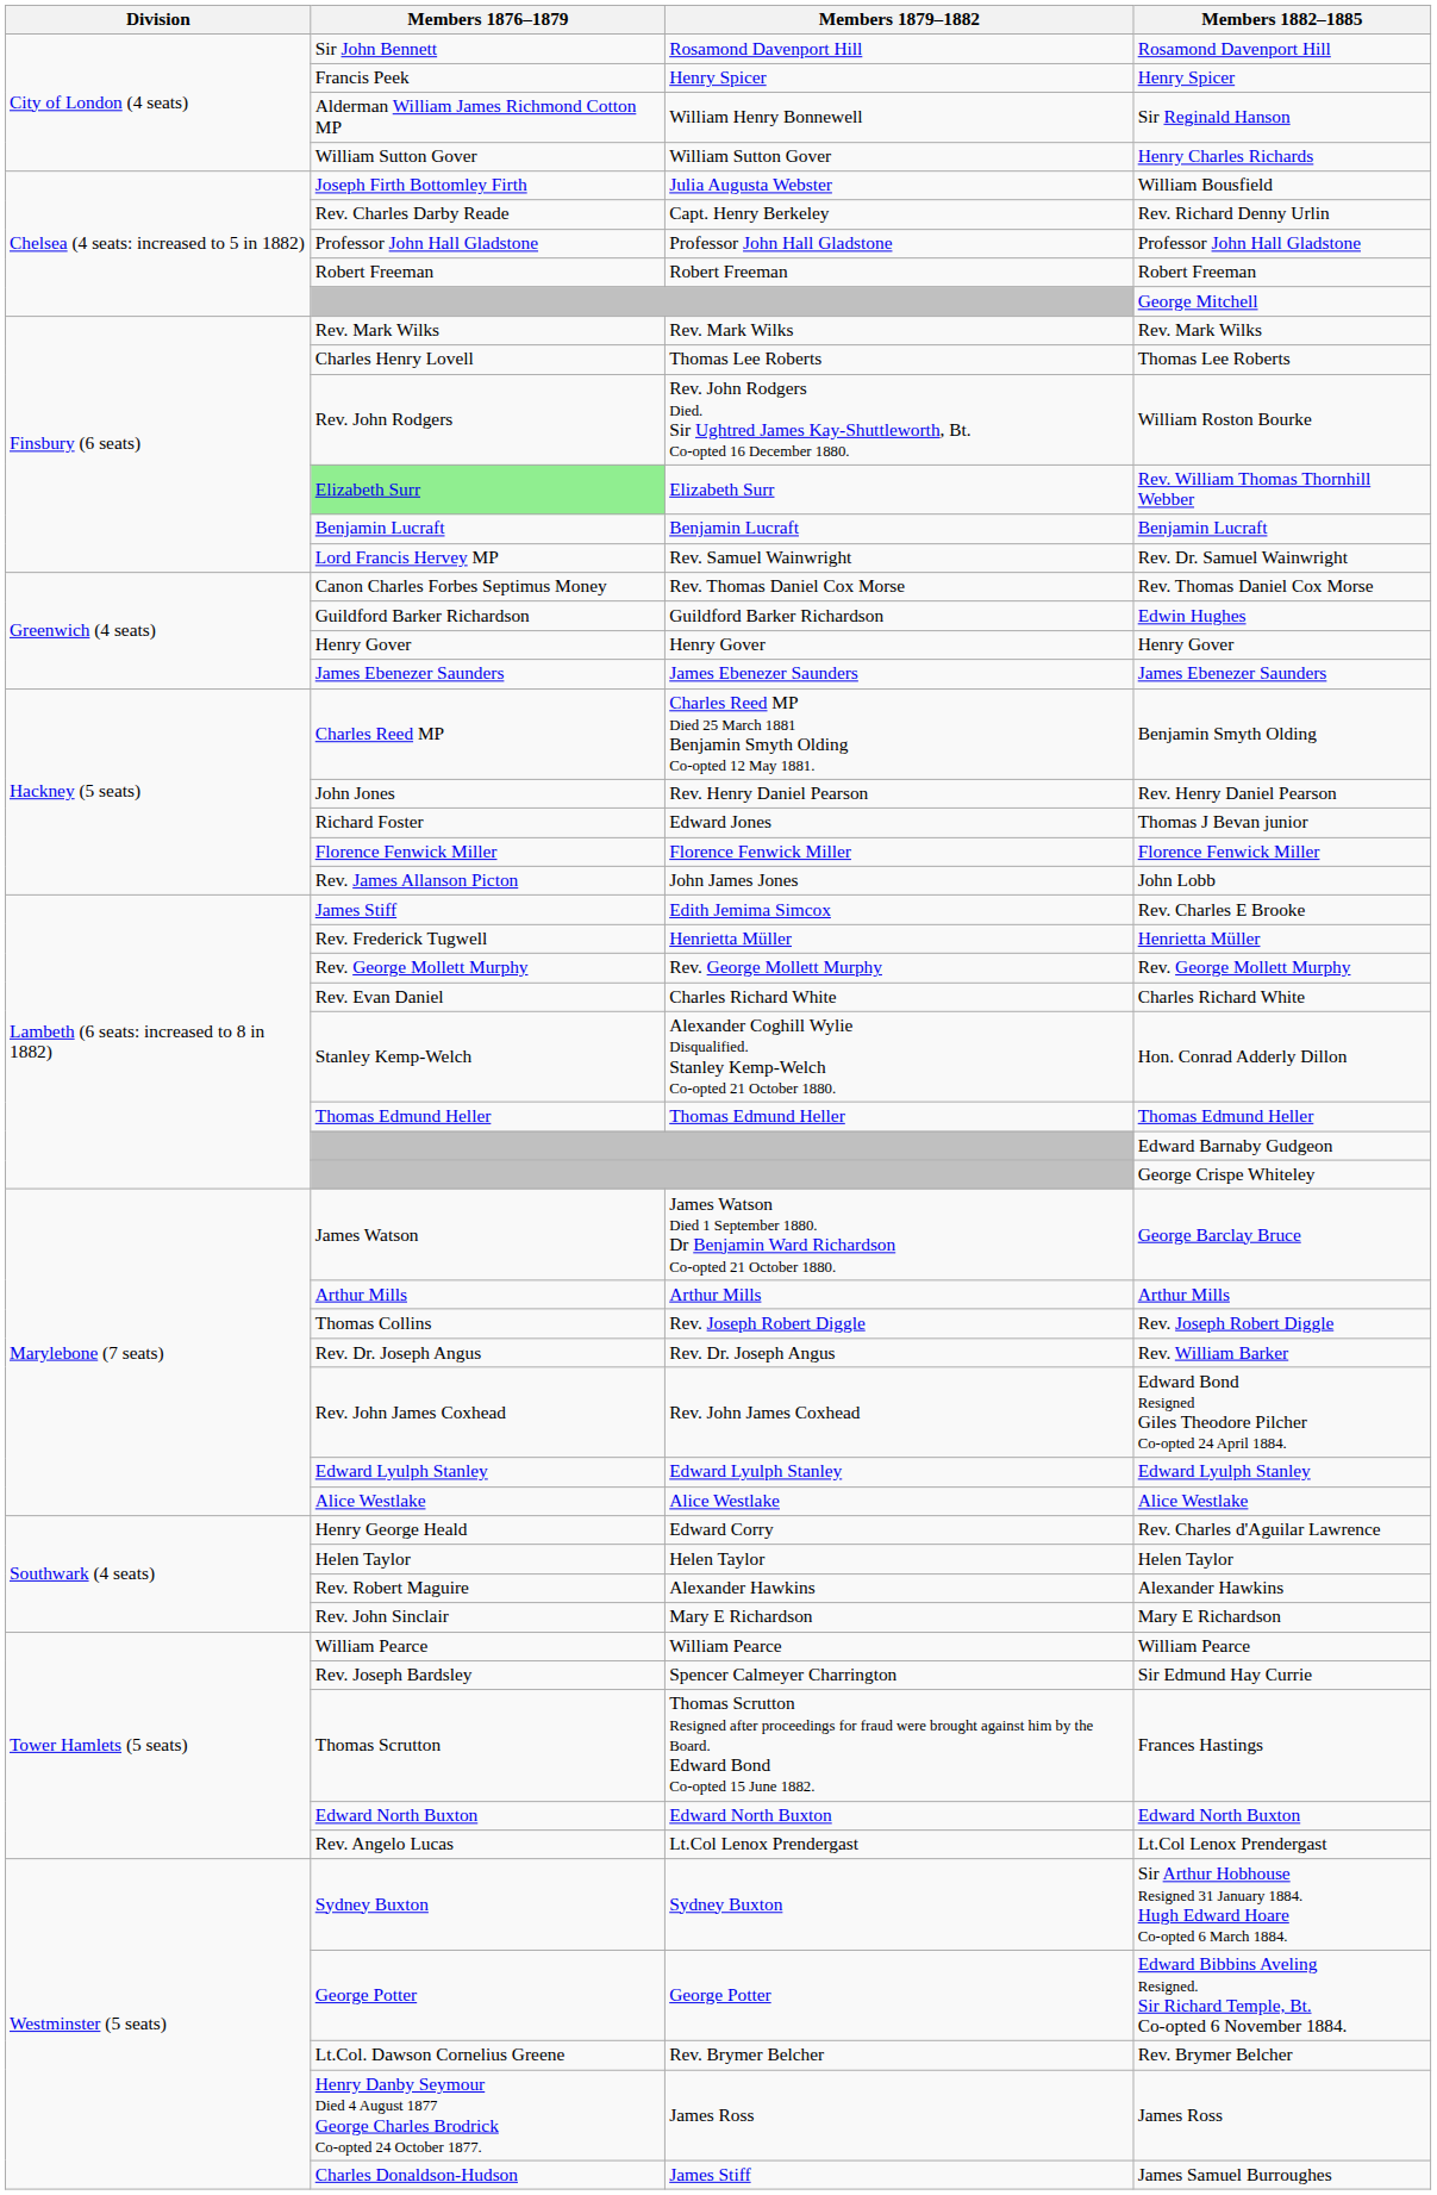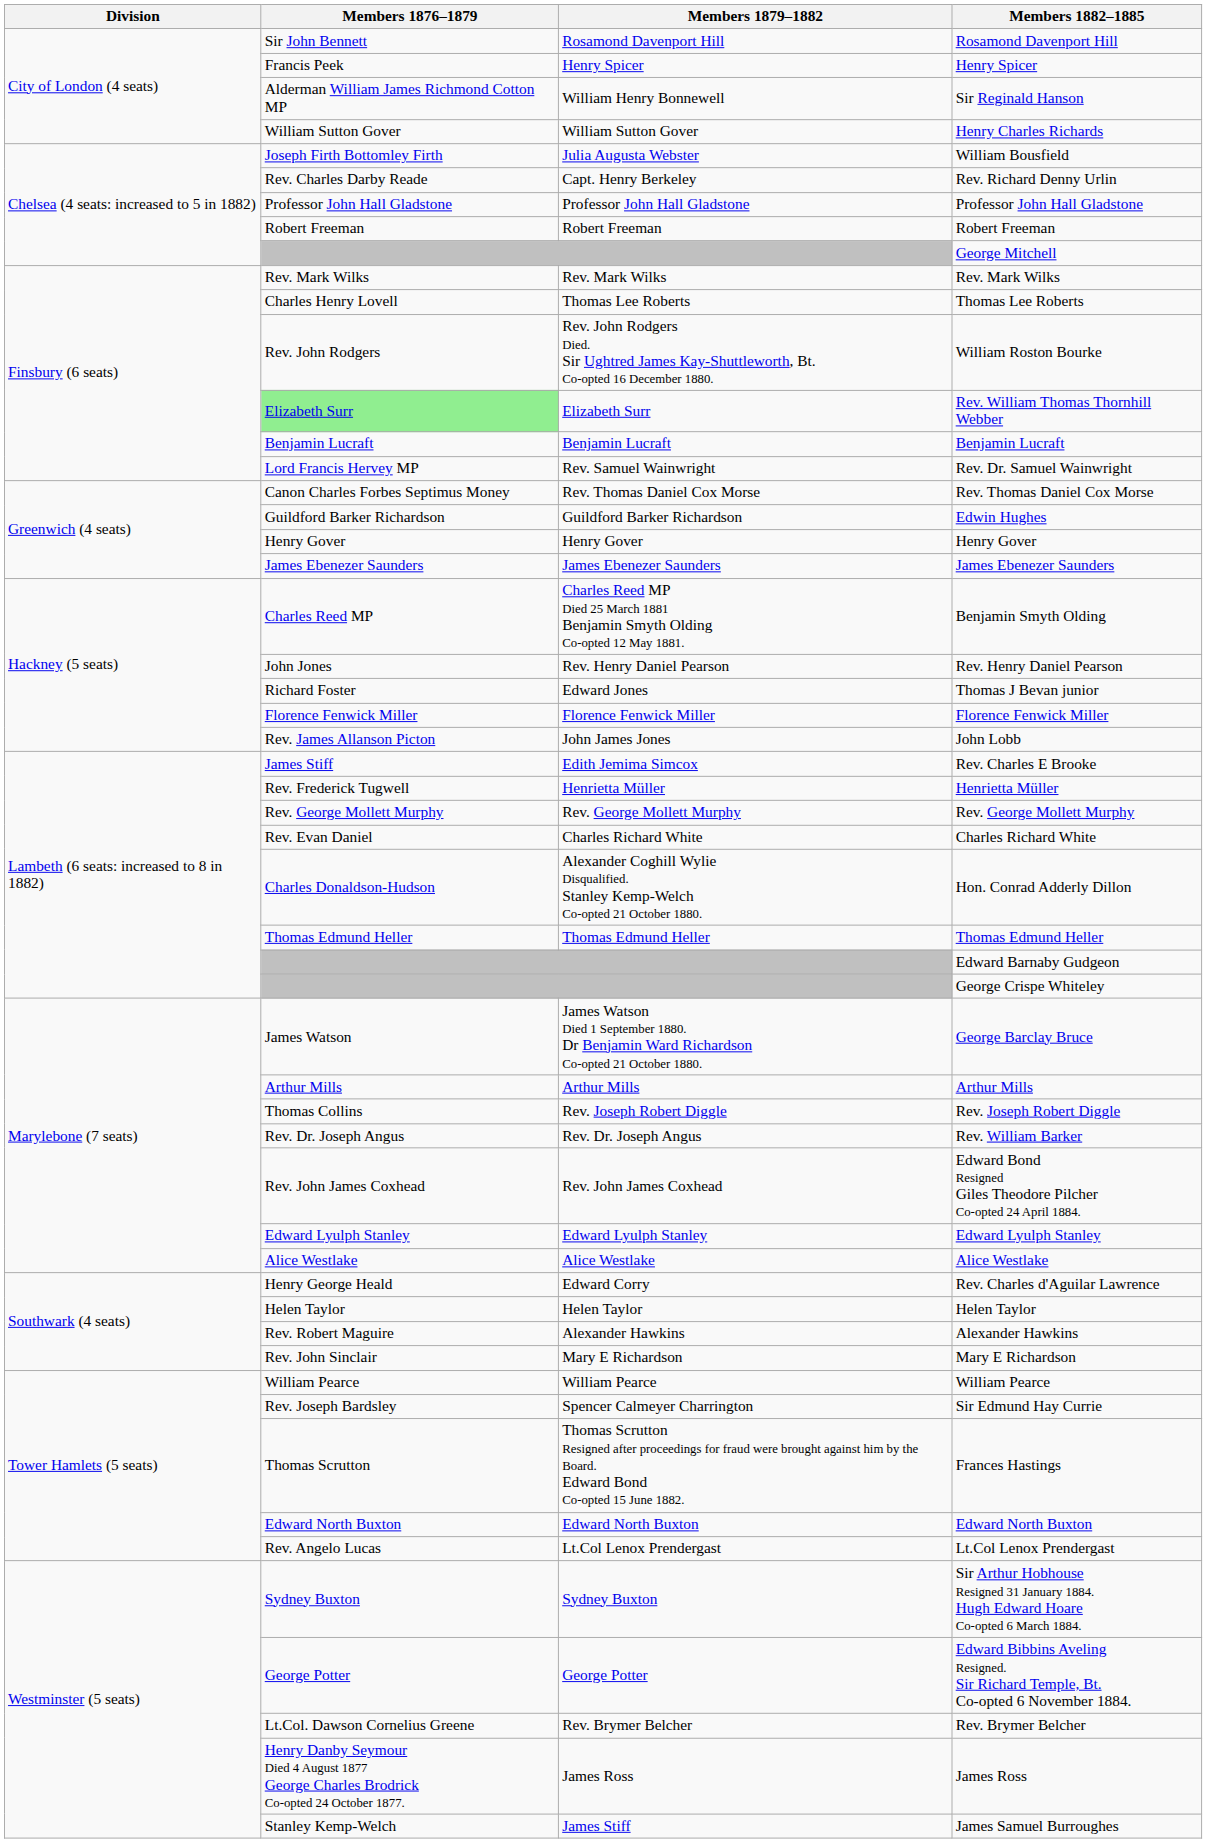 <table class="wikitable">
 <tr>
 <th>Division</th>
 <th>Members 1876–1879</th>
 <th>Members 1879–1882</th>
 <th>Members 1882–1885</th>
 </tr>
 <tr>
 <td rowspan="4"><a href='#'>City of London</a> (4 seats)</td>
 <td>Sir <a href='#'>John Bennett</a></td>
 <td><a href='#'>Rosamond Davenport Hill</a></td>
 <td><a href='#'>Rosamond Davenport Hill</a></td>
 </tr>
 <tr>
 <td>Francis Peek</td>
 <td><a href='#'>Henry Spicer</a></td>
 <td><a href='#'>Henry Spicer</a></td>
 </tr>
 <tr>
 <td>Alderman <a href='#'>William James Richmond Cotton</a> MP</td>
 <td>William Henry Bonnewell</td>
 <td>Sir <a href='#'>Reginald Hanson</a></td>
 </tr>
 <tr>
 <td>William Sutton Gover</td>
 <td>William Sutton Gover</td>
 <td><a href='#'>Henry Charles Richards</a></td>
 </tr>
 <tr>
 <td rowspan="5"><a href='#'>Chelsea</a> (4 seats: increased to 5 in 1882)</td>
 <td><a href='#'>Joseph Firth Bottomley Firth</a></td>
 <td><a href='#'>Julia Augusta Webster</a></td>
 <td>William Bousfield</td>
 </tr>
 <tr>
 <td>Rev. Charles Darby Reade</td>
 <td>Capt. Henry Berkeley</td>
 <td>Rev. Richard Denny Urlin</td>
 </tr>
 <tr>
 <td>Professor <a href='#'>John Hall Gladstone</a></td>
 <td>Professor <a href='#'>John Hall Gladstone</a></td>
 <td>Professor <a href='#'>John Hall Gladstone</a></td>
 </tr>
 <tr>
 <td>Robert Freeman</td>
 <td>Robert Freeman</td>
 <td>Robert Freeman</td>
 </tr>
 <tr>
 <td colspan=2 bgcolor=silver></td>
 <td><a href='#'>George Mitchell</a></td>
 </tr>
 <tr>
 <td rowspan="6"><a href='#'>Finsbury</a> (6 seats)</td>
 <td>Rev. Mark Wilks</td>
 <td>Rev. Mark Wilks</td>
 <td>Rev. Mark Wilks</td>
 </tr>
 <tr>
 <td>Charles Henry Lovell</td>
 <td>Thomas Lee Roberts</td>
 <td>Thomas Lee Roberts</td>
 </tr>
 <tr>
 <td>Rev. John Rodgers</td>
 <td>Rev. John Rodgers<small><br>Died.</small><br>Sir <a href='#'>Ughtred James Kay-Shuttleworth</a>, Bt.<small><br>Co-opted 16 December 1880.</small></td>
 <td>William Roston Bourke</td>
 </tr>
 <tr>
 <td style="background: lightgreen;"><a href='#'>Elizabeth Surr</a></td>
 <td><a href='#'>Elizabeth Surr</a></td>
 <td><a href='#'>Rev. William Thomas Thornhill Webber</a></td>
 </tr>
 <tr>
 <td><a href='#'>Benjamin Lucraft</a></td>
 <td><a href='#'>Benjamin Lucraft</a></td>
 <td><a href='#'>Benjamin Lucraft</a></td>
 </tr>
 <tr>
 <td><a href='#'>Lord Francis Hervey</a> MP</td>
 <td>Rev. Samuel Wainwright</td>
 <td>Rev. Dr. Samuel Wainwright</td>
 </tr>
 <tr>
 <td rowspan="4"><a href='#'>Greenwich</a> (4 seats)</td>
 <td>Canon Charles Forbes Septimus Money</td>
 <td>Rev. Thomas Daniel Cox Morse</td>
 <td>Rev. Thomas Daniel Cox Morse</td>
 </tr>
 <tr>
 <td>Guildford Barker Richardson</td>
 <td>Guildford Barker Richardson</td>
 <td><a href='#'>Edwin Hughes</a></td>
 </tr>
 <tr>
 <td>Henry Gover</td>
 <td>Henry Gover</td>
 <td>Henry Gover</td>
 </tr>
 <tr>
 <td><a href='#'>James Ebenezer Saunders</a></td>
 <td><a href='#'>James Ebenezer Saunders</a></td>
 <td><a href='#'>James Ebenezer Saunders</a></td>
 </tr>
 <tr>
 <td rowspan="5"><a href='#'>Hackney</a> (5 seats)</td>
 <td><a href='#'>Charles Reed</a> MP</td>
 <td><a href='#'>Charles Reed</a> MP<small><br>Died 25 March 1881<br></small>Benjamin Smyth Olding<small><br>Co-opted 12 May 1881.</small></td>
 <td>Benjamin Smyth Olding</td>
 </tr>
 <tr>
 <td>John Jones</td>
 <td>Rev. Henry Daniel Pearson</td>
 <td>Rev. Henry Daniel Pearson</td>
 </tr>
 <tr>
 <td>Richard Foster</td>
 <td>Edward Jones</td>
 <td>Thomas J Bevan junior</td>
 </tr>
 <tr>
 <td><a href='#'>Florence Fenwick Miller</a></td>
 <td><a href='#'>Florence Fenwick Miller</a></td>
 <td><a href='#'>Florence Fenwick Miller</a></td>
 </tr>
 <tr>
 <td>Rev. <a href='#'>James Allanson Picton</a></td>
 <td>John James Jones</td>
 <td>John Lobb</td>
 </tr>
 <tr>
 <td rowspan="8"><a href='#'>Lambeth</a> (6 seats: increased to 8 in 1882)</td>
 <td><a href='#'>James Stiff</a></td>
 <td><a href='#'>Edith Jemima Simcox</a></td>
 <td>Rev. Charles E Brooke</td>
 </tr>
 <tr>
 <td>Rev. Frederick Tugwell</td>
 <td><a href='#'>Henrietta Müller</a></td>
 <td><a href='#'>Henrietta Müller</a></td>
 </tr>
 <tr>
 <td>Rev. <a href='#'>George Mollett Murphy</a></td>
 <td>Rev. <a href='#'>George Mollett Murphy</a></td>
 <td>Rev. <a href='#'>George Mollett Murphy</a></td>
 </tr>
 <tr>
 <td>Rev. Evan Daniel</td>
 <td>Charles Richard White</td>
 <td>Charles Richard White</td>
 </tr>
 <tr>
-<td>Stanley Kemp-Welch</td>
+<td><a href='#'>Charles Donaldson-Hudson</a></td>
 <td>Alexander Coghill Wylie<small><br>Disqualified.</small><br>Stanley Kemp-Welch<small><br>Co-opted 21 October 1880.</small></td>
 <td>Hon. Conrad Adderly Dillon</td>
 </tr>
 <tr>
 <td><a href='#'>Thomas Edmund Heller</a></td>
 <td><a href='#'>Thomas Edmund Heller</a></td>
 <td><a href='#'>Thomas Edmund Heller</a></td>
 </tr>
 <tr>
 <td colspan=2 bgcolor=silver></td>
 <td>Edward Barnaby Gudgeon</td>
 </tr>
 <tr>
 <td colspan=2 bgcolor=silver></td>
 <td>George Crispe Whiteley</td>
 </tr>
 <tr>
 <td rowspan="7"><a href='#'>Marylebone</a> (7 seats)</td>
 <td>James Watson</td>
 <td>James Watson<small><br>Died 1 September 1880.</small><br>Dr <a href='#'>Benjamin Ward Richardson</a><small><br>Co-opted 21 October 1880.</small></td>
 <td><a href='#'>George Barclay Bruce</a></td>
 </tr>
 <tr>
 <td><a href='#'>Arthur Mills</a></td>
 <td><a href='#'>Arthur Mills</a></td>
 <td><a href='#'>Arthur Mills</a></td>
 </tr>
 <tr>
 <td>Thomas Collins</td>
 <td>Rev. <a href='#'>Joseph Robert Diggle</a></td>
 <td>Rev. <a href='#'>Joseph Robert Diggle</a></td>
 </tr>
 <tr>
 <td>Rev. Dr. Joseph Angus</td>
 <td>Rev. Dr. Joseph Angus</td>
 <td>Rev. <a href='#'>William Barker</a></td>
 </tr>
 <tr>
 <td>Rev. John James Coxhead</td>
 <td>Rev. John James Coxhead</td>
 <td>Edward Bond<small><br>Resigned<br></small>Giles Theodore Pilcher<small><br>Co-opted 24 April 1884.</small></td>
 </tr>
 <tr>
 <td><a href='#'>Edward Lyulph Stanley</a></td>
 <td><a href='#'>Edward Lyulph Stanley</a></td>
 <td><a href='#'>Edward Lyulph Stanley</a></td>
 </tr>
 <tr>
 <td><a href='#'>Alice Westlake</a></td>
 <td><a href='#'>Alice Westlake</a></td>
 <td><a href='#'>Alice Westlake</a></td>
 </tr>
 <tr>
 <td rowspan="4"><a href='#'>Southwark</a> (4 seats)</td>
 <td>Henry George Heald</td>
 <td>Edward Corry</td>
 <td>Rev. Charles d'Aguilar Lawrence</td>
 </tr>
 <tr>
 <td>Helen Taylor</td>
 <td>Helen Taylor</td>
 <td>Helen Taylor</td>
 </tr>
 <tr>
 <td>Rev. Robert Maguire</td>
 <td>Alexander Hawkins</td>
 <td>Alexander Hawkins</td>
 </tr>
 <tr>
 <td>Rev. John Sinclair</td>
 <td>Mary E Richardson</td>
 <td>Mary E Richardson</td>
 </tr>
 <tr>
 <td rowspan="5"><a href='#'>Tower Hamlets</a> (5 seats)</td>
 <td>William Pearce</td>
 <td>William Pearce</td>
 <td>William Pearce</td>
 </tr>
 <tr>
 <td>Rev. Joseph Bardsley</td>
 <td>Spencer Calmeyer Charrington</td>
 <td>Sir Edmund Hay Currie</td>
 </tr>
 <tr>
 <td>Thomas Scrutton</td>
 <td>Thomas Scrutton<small><br>Resigned after proceedings for fraud were brought against him by the Board.<br></small>Edward Bond<small><br>Co-opted 15 June 1882.</small></td>
 <td>Frances Hastings</td>
 </tr>
 <tr>
 <td><a href='#'>Edward North Buxton</a></td>
 <td><a href='#'>Edward North Buxton</a></td>
 <td><a href='#'>Edward North Buxton</a></td>
 </tr>
 <tr>
 <td>Rev. Angelo Lucas</td>
 <td>Lt.Col Lenox Prendergast</td>
 <td>Lt.Col Lenox Prendergast</td>
 </tr>
 <tr>
 <td rowspan="5"><a href='#'>Westminster</a> (5 seats)</td>
 <td><a href='#'>Sydney Buxton</a></td>
 <td><a href='#'>Sydney Buxton</a></td>
 <td>Sir <a href='#'>Arthur Hobhouse</a><small><br>Resigned 31 January 1884.</small><br><a href='#'>Hugh Edward Hoare</a><small><br>Co-opted 6 March 1884.</small></td>
 </tr>
 <tr>
 <td><a href='#'>George Potter</a></td>
 <td><a href='#'>George Potter</a></td>
 <td><a href='#'>Edward Bibbins Aveling</a><small><br>Resigned.</small><br><a href='#'>Sir Richard Temple, Bt.</a><br>Co-opted 6 November 1884.</td>
 </tr>
 <tr>
 <td>Lt.Col. Dawson Cornelius Greene</td>
 <td>Rev. Brymer Belcher</td>
 <td>Rev. Brymer Belcher</td>
 </tr>
 <tr>
 <td><a href='#'>Henry Danby Seymour</a><small><br>Died 4 August 1877<br></small><a href='#'>George Charles Brodrick</a><small><br>Co-opted 24 October 1877.</small></td>
 <td>James Ross</td>
 <td>James Ross</td>
 </tr>
 <tr>
-<td><a href='#'>Charles Donaldson-Hudson</a></td>
+<td>Stanley Kemp-Welch</td>
 <td><a href='#'>James Stiff</a></td>
 <td>James Samuel Burroughes</td>
 </tr>
 </table>
